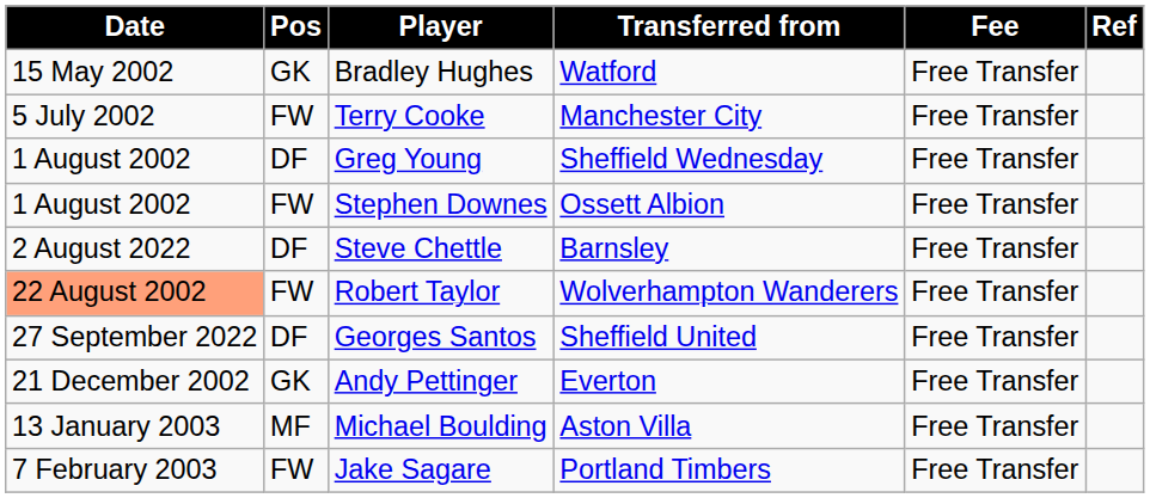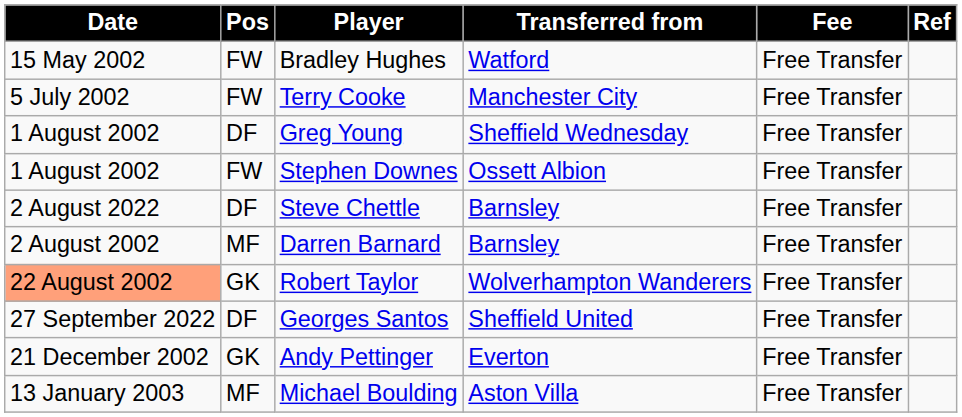 <table class="wikitable plainrowheaders sortable">
 <tr>
 <th style="background:#000000; color:#FFFFFF; ">Date</th>
 <th style="background:#000000; color:#FFFFff; ">Pos</th>
 <th style="background:#000000; color:#FFFFff; ">Player</th>
 <th style="background:#000000; color:#FFFFff; ">Transferred from</th>
 <th style="background:#000000; color:#FFFFff; ">Fee</th>
 <th style="background:#000000; color:#FFFFff; ">Ref</th>
 </tr>
 <tr>
 <td>15 May 2002</td>
-<td>GK</td>
+<td>FW</td>
 <td> Bradley Hughes</td>
 <td> <a href='#'>Watford</a></td>
 <td>Free Transfer</td>
 <td></td>
 </tr>
 <tr>
 <td>5 July 2002</td>
 <td>FW</td>
 <td> <a href='#'>Terry Cooke</a></td>
 <td> <a href='#'>Manchester City</a></td>
 <td>Free Transfer</td>
 <td></td>
 </tr>
 <tr>
 <td>1 August 2002</td>
 <td>DF</td>
 <td> <a href='#'>Greg Young</a></td>
 <td> <a href='#'>Sheffield Wednesday</a></td>
 <td>Free Transfer</td>
 <td></td>
 </tr>
 <tr>
 <td>1 August 2002</td>
 <td>FW</td>
 <td> <a href='#'>Stephen Downes</a></td>
 <td> <a href='#'>Ossett Albion</a></td>
 <td>Free Transfer</td>
 <td></td>
 </tr>
 <tr>
 <td>2 August 2022</td>
 <td>DF</td>
 <td> <a href='#'>Steve Chettle</a></td>
 <td> <a href='#'>Barnsley</a></td>
 <td>Free Transfer</td>
 <td></td>
 </tr>
 <tr>
+<td>2 August 2002</td>
+<td>MF</td>
+<td> <a href='#'>Darren Barnard</a></td>
+<td> <a href='#'>Barnsley</a></td>
+<td>Free Transfer</td>
+<td></td>
+</tr>
+<tr>
 <td style="background: lightsalmon;">22 August 2002</td>
-<td>FW</td>
+<td>GK</td>
 <td> <a href='#'>Robert Taylor</a></td>
 <td> <a href='#'>Wolverhampton Wanderers</a></td>
 <td>Free Transfer</td>
 <td></td>
 </tr>
 <tr>
 <td>27 September 2022</td>
 <td>DF</td>
 <td> <a href='#'>Georges Santos</a></td>
 <td> <a href='#'>Sheffield United</a></td>
 <td>Free Transfer</td>
 <td></td>
 </tr>
 <tr>
 <td>21 December 2002</td>
 <td>GK</td>
 <td> <a href='#'>Andy Pettinger</a></td>
 <td> <a href='#'>Everton</a></td>
 <td>Free Transfer</td>
 <td></td>
 </tr>
 <tr>
 <td>13 January 2003</td>
 <td>MF</td>
 <td> <a href='#'>Michael Boulding</a></td>
 <td> <a href='#'>Aston Villa</a></td>
 <td>Free Transfer</td>
 <td></td>
 </tr>
-<tr>
-<td>7 February 2003</td>
-<td>FW</td>
-<td> <a href='#'>Jake Sagare</a></td>
-<td> <a href='#'>Portland Timbers</a></td>
-<td>Free Transfer</td>
-<td></td>
-</tr>
 </table>
